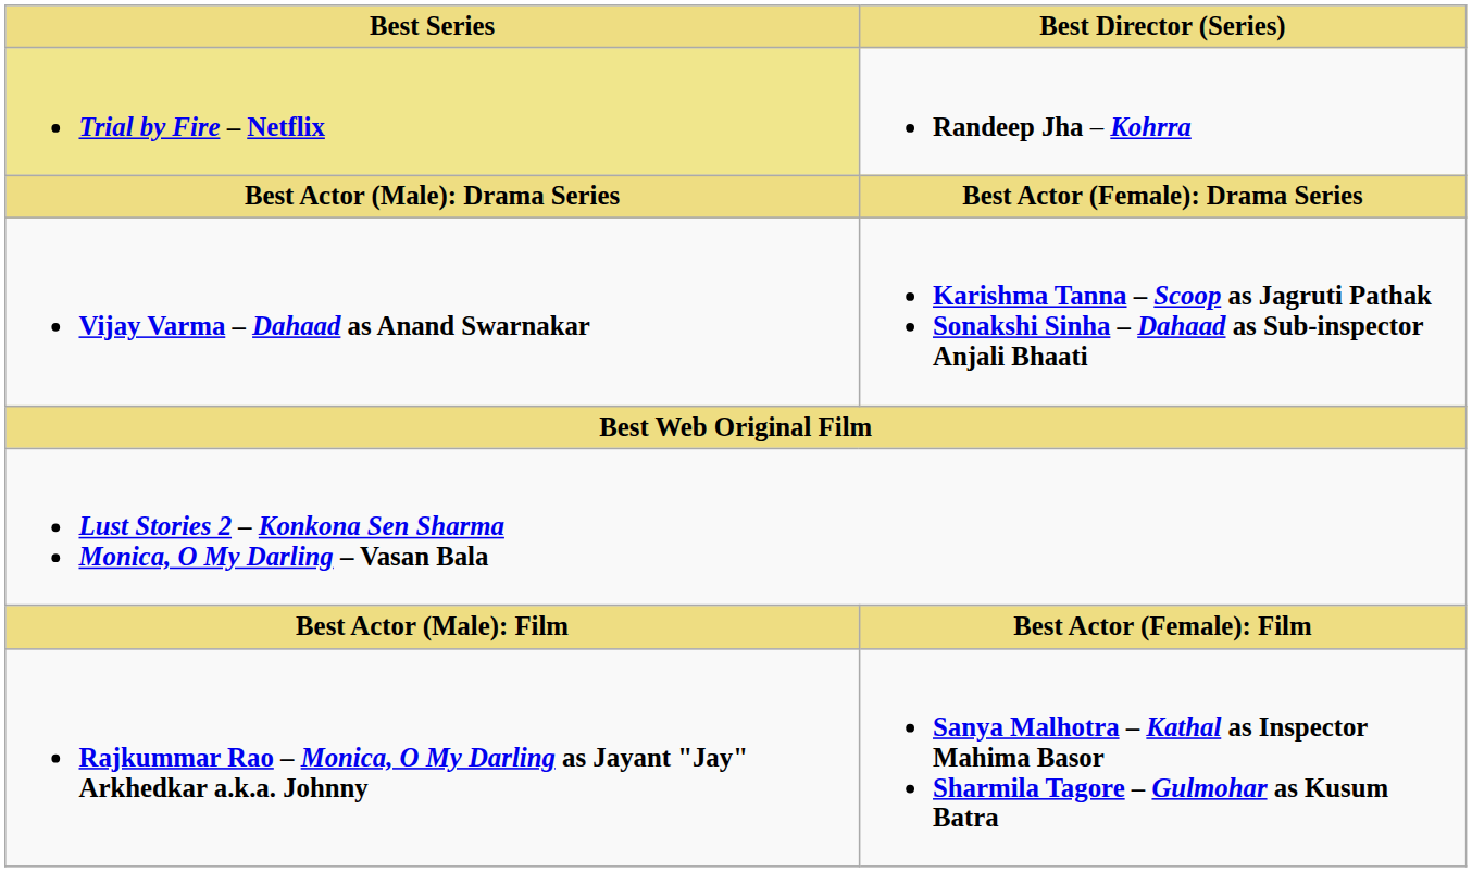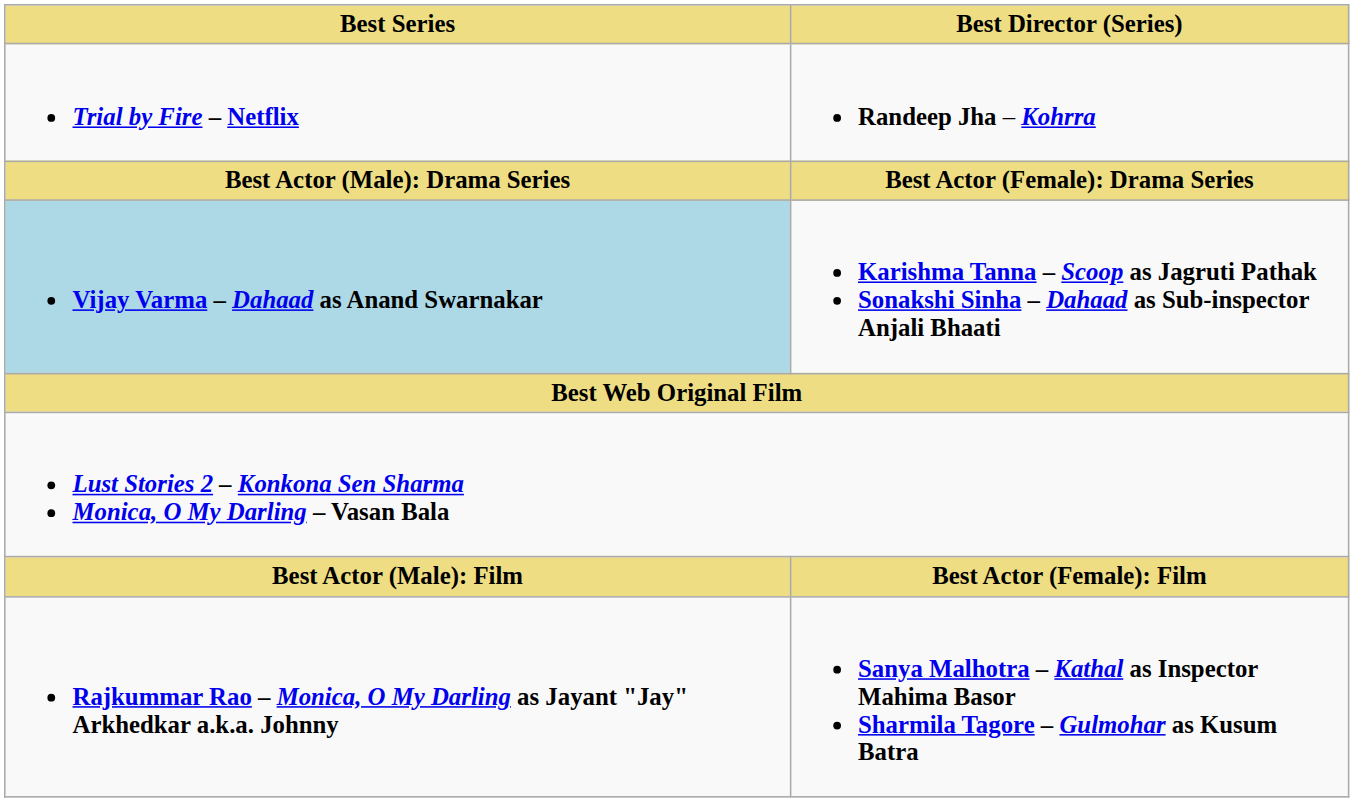 <table class="wikitable">
 <tr>
 <th colspan=1 style="background:#EEDD82;">Best Series</th>
 <th colspan=1 style="background:#EEDD82;">Best Director (Series)</th>
 </tr>
 <tr>
-<td colspan=1 style="background: khaki;"><br><ul><li><strong><em><a href='#'>Trial by Fire</a></em></strong> <strong>– <a href='#'>Netflix</a></strong></li></ul></td>
+<td colspan=1><br><ul><li><strong><em><a href='#'>Trial by Fire</a></em></strong> <strong>– <a href='#'>Netflix</a></strong></li></ul></td>
 <td colspan=2><br><ul><li><strong>Randeep Jha</strong> – <strong><em><a href='#'>Kohrra</a></em></strong></li></ul></td>
 </tr>
 <tr>
 <th colspan=1 style="background:#EEDD82;">Best Actor (Male): Drama Series</th>
 <th colspan=1 style="background:#EEDD82;">Best Actor (Female): Drama Series</th>
 </tr>
 <tr>
-<td colspan=1><br><ul><li><strong><a href='#'>Vijay Varma</a> – <em><a href='#'>Dahaad</a></em> as Anand Swarnakar</strong></li></ul></td>
+<td colspan=1 style="background: lightblue;"><br><ul><li><strong><a href='#'>Vijay Varma</a> – <em><a href='#'>Dahaad</a></em> as Anand Swarnakar</strong></li></ul></td>
 <td colspan=2><br><ul><li><strong><a href='#'>Karishma Tanna</a> – <em><a href='#'>Scoop</a></em> as Jagruti Pathak</strong></li><li><strong><a href='#'>Sonakshi Sinha</a> – <em><a href='#'>Dahaad</a></em> as Sub-inspector Anjali Bhaati</strong></li></ul></td>
 </tr>
 <tr>
 <th colspan="2" style="background:#EEDD82;">Best Web Original Film</th>
 </tr>
 <tr>
 <td colspan="2"; valign="top"><br><ul><li><strong><em><a href='#'>Lust Stories 2</a><em> – <a href='#'>Konkona Sen Sharma</a><strong></li><li></em></strong><a href='#'>Monica, O My Darling</a></em> – Vasan Bala</strong></li></ul></td>
 </tr>
 <tr>
 <th colspan=1 style="background:#EEDD82;">Best Actor (Male): Film</th>
 <th colspan=1 style="background:#EEDD82;">Best Actor (Female): Film</th>
 </tr>
 <tr>
 <td colspan=1><br><ul><li><strong><a href='#'>Rajkummar Rao</a> – <em><a href='#'>Monica, O My Darling</a></em> as Jayant "Jay" Arkhedkar a.k.a. Johnny</strong></li></ul></td>
 <td colspan=1><br><ul><li><strong><a href='#'>Sanya Malhotra</a> – <em><a href='#'>Kathal</a></em> as Inspector Mahima Basor</strong></li><li><strong><a href='#'>Sharmila Tagore</a> – <em><a href='#'>Gulmohar</a></em> as Kusum Batra</strong></li></ul></td>
 </tr>
 </table>
